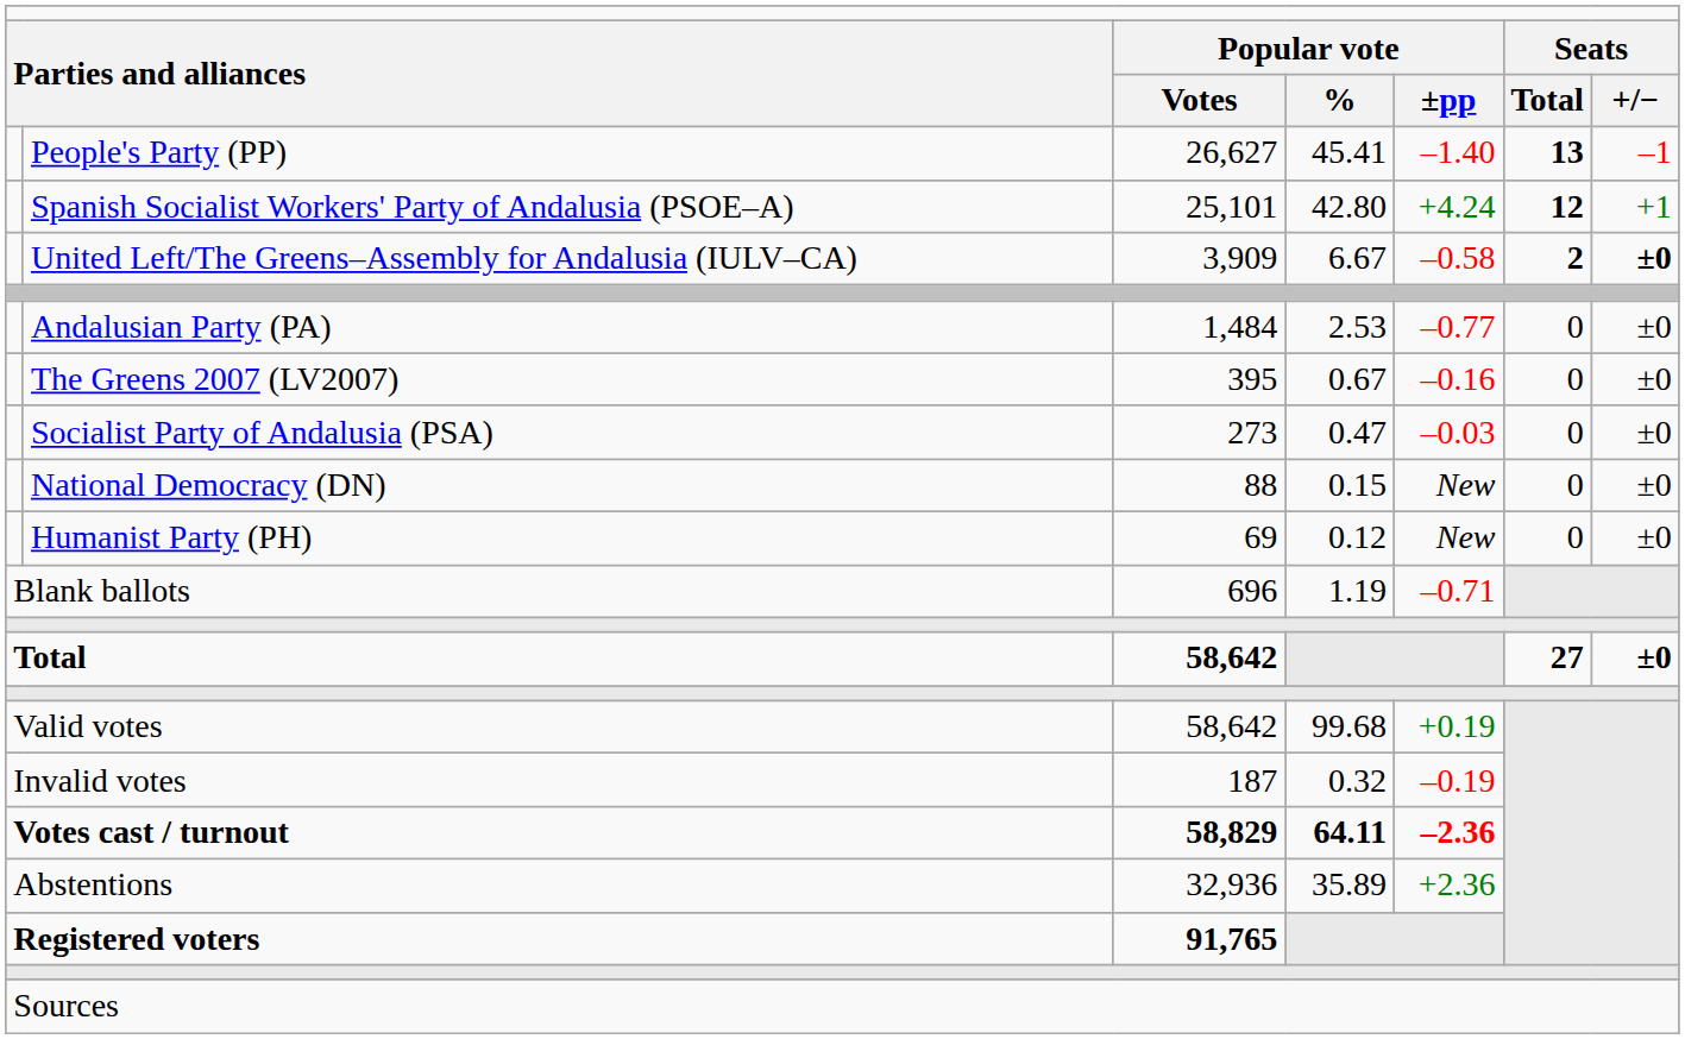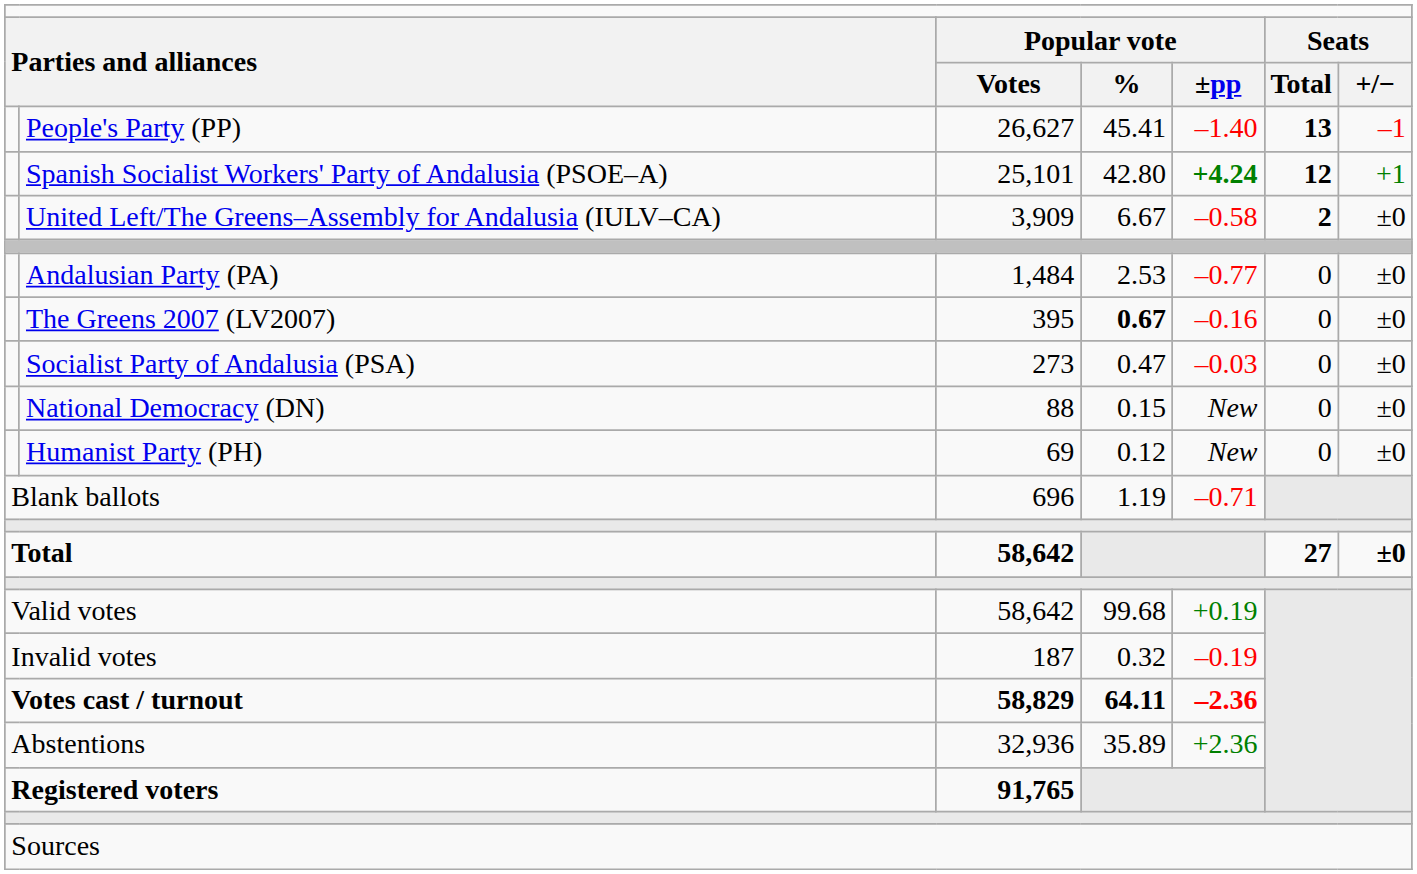 <table class="wikitable" style="text-align:right;">
 <tr>
 <td colspan="7"></td>
 </tr>
 <tr>
 <th style="text-align:left;" rowspan="2" colspan="2" width="525">Parties and alliances</th>
 <th colspan="3">Popular vote</th>
 <th colspan="2">Seats</th>
 </tr>
 <tr>
 <th width="75">Votes</th>
 <th width="45">%</th>
 <th width="45">±<a href='#'>pp</a></th>
 <th width="35">Total</th>
 <th width="35">+/−</th>
 </tr>
 <tr>
 <td width="1" style="color:inherit;background:"></td>
 <td align="left"><a href='#'>People's Party</a> (PP)</td>
 <td>26,627</td>
 <td>45.41</td>
 <td style="color:red;">–1.40</td>
 <td><strong>13</strong></td>
 <td style="color:red;">–1</td>
 </tr>
 <tr>
 <td style="color:inherit;background:"></td>
 <td align="left"><a href='#'>Spanish Socialist Workers' Party of Andalusia</a> (PSOE–A)</td>
 <td>25,101</td>
 <td>42.80</td>
-<td style="color:green;">+4.24</td>
+<td style="color:green;"><strong>+4.24</strong></td>
 <td><strong>12</strong></td>
 <td style="color:green;">+1</td>
 </tr>
 <tr>
 <td style="color:inherit;background:"></td>
 <td align="left"><a href='#'>United Left/The Greens–Assembly for Andalusia</a> (IULV–CA)</td>
 <td>3,909</td>
 <td>6.67</td>
 <td style="color:red;">–0.58</td>
 <td><strong>2</strong></td>
-<td><strong>±0</strong></td>
+<td>±0</td>
 </tr>
 <tr>
 <td colspan="7" bgcolor="#C0C0C0"></td>
 </tr>
 <tr>
 <td style="color:inherit;background:"></td>
 <td align="left"><a href='#'>Andalusian Party</a> (PA)</td>
 <td>1,484</td>
 <td>2.53</td>
 <td style="color:red;">–0.77</td>
 <td>0</td>
 <td>±0</td>
 </tr>
 <tr>
 <td style="color:inherit;background:"></td>
 <td align="left"><a href='#'>The Greens 2007</a> (LV2007)</td>
 <td>395</td>
-<td>0.67</td>
+<td><strong>0.67</strong></td>
 <td style="color:red;">–0.16</td>
 <td>0</td>
 <td>±0</td>
 </tr>
 <tr>
 <td style="color:inherit;background:"></td>
 <td align="left"><a href='#'>Socialist Party of Andalusia</a> (PSA)</td>
 <td>273</td>
 <td>0.47</td>
 <td style="color:red;">–0.03</td>
 <td>0</td>
 <td>±0</td>
 </tr>
 <tr>
 <td style="color:inherit;background:"></td>
 <td align="left"><a href='#'>National Democracy</a> (DN)</td>
 <td>88</td>
 <td>0.15</td>
 <td><em>New</em></td>
 <td>0</td>
 <td>±0</td>
 </tr>
 <tr>
 <td style="color:inherit;background:"></td>
 <td align="left"><a href='#'>Humanist Party</a> (PH)</td>
 <td>69</td>
 <td>0.12</td>
 <td><em>New</em></td>
 <td>0</td>
 <td>±0</td>
 </tr>
 <tr>
 <td align="left" colspan="2">Blank ballots</td>
 <td>696</td>
 <td>1.19</td>
 <td style="color:red;">–0.71</td>
 <td bgcolor="#E9E9E9" colspan="2"></td>
 </tr>
 <tr>
 <td colspan="7" bgcolor="#E9E9E9"></td>
 </tr>
 <tr style="font-weight:bold;">
 <td align="left" colspan="2">Total</td>
 <td>58,642</td>
 <td bgcolor="#E9E9E9" colspan="2"></td>
 <td>27</td>
 <td>±0</td>
 </tr>
 <tr>
 <td colspan="7" bgcolor="#E9E9E9"></td>
 </tr>
 <tr>
 <td align="left" colspan="2">Valid votes</td>
 <td>58,642</td>
 <td>99.68</td>
 <td style="color:green;">+0.19</td>
 <td bgcolor="#E9E9E9" colspan="2" rowspan="5"></td>
 </tr>
 <tr>
 <td align="left" colspan="2">Invalid votes</td>
 <td>187</td>
 <td>0.32</td>
 <td style="color:red;">–0.19</td>
 </tr>
 <tr style="font-weight:bold;">
 <td align="left" colspan="2">Votes cast / turnout</td>
 <td>58,829</td>
 <td>64.11</td>
 <td style="color:red;">–2.36</td>
 </tr>
 <tr>
 <td align="left" colspan="2">Abstentions</td>
 <td>32,936</td>
 <td>35.89</td>
 <td style="color:green;">+2.36</td>
 </tr>
 <tr style="font-weight:bold;">
 <td align="left" colspan="2">Registered voters</td>
 <td>91,765</td>
 <td bgcolor="#E9E9E9" colspan="2"></td>
 </tr>
 <tr>
 <td colspan="7" bgcolor="#E9E9E9"></td>
 </tr>
 <tr>
 <td align="left" colspan="7">Sources</td>
 </tr>
 </table>
